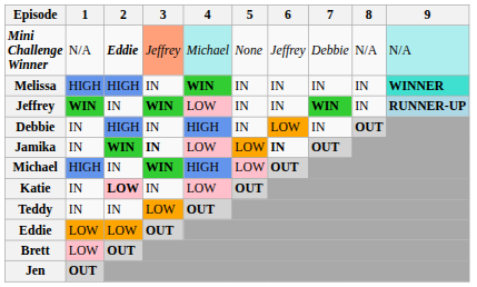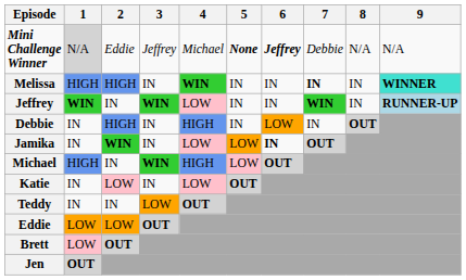 <table class="wikitable" align=>
 <tr>
 <th>Episode</th>
 <th>1</th>
 <th>2</th>
 <th>3</th>
 <th>4</th>
 <th>5</th>
 <th>6</th>
 <th>7</th>
 <th>8</th>
 <th>9</th>
 </tr>
 <tr>
 <td><strong><em>Mini</em></strong><br><strong><em>Challenge</em></strong><br><strong><em>Winner</em></strong></td>
-<td>N/A</td>
-<td><strong><em>Eddie</em></strong></td>
-<td style="background: lightsalmon;"><em>Jeffrey</em></td>
-<td style="background: paleturquoise;"><em>Michael</em></td>
-<td><em>None</em></td>
+<td style="background: lightgrey;">N/A</td>
+<td><em>Eddie</em></td>
 <td><em>Jeffrey</em></td>
+<td><em>Michael</em></td>
+<td><strong><em>None</em></strong></td>
+<td><strong><em>Jeffrey</em></strong></td>
 <td><em>Debbie</em></td>
 <td>N/A</td>
-<td style="background: paleturquoise;">N/A</td>
+<td>N/A</td>
 </tr>
 <tr>
 <th>Melissa</th>
 <td style="background:cornflowerblue;">HIGH</td>
 <td style="background:cornflowerblue;">HIGH</td>
 <td style="background:offwhite;">IN</td>
 <td style="background:limegreen;"><strong>WIN</strong></td>
 <td style="background:offwhite;">IN</td>
 <td style="background:offwhite;">IN</td>
-<td style="background:offwhite;">IN</td>
+<td style="background:offwhite;"><strong>IN</strong></td>
 <td style="background:offgreen;">IN</td>
 <td style="background:turquoise;"><strong>WINNER</strong></td>
 </tr>
 <tr>
 <th>Jeffrey</th>
 <td style="background:limegreen;"><strong>WIN</strong></td>
 <td style="background:offwhite;">IN</td>
 <td style="background:limegreen;"><strong>WIN</strong></td>
 <td style="background:pink;">LOW</td>
 <td style="background:offwhite;">IN</td>
 <td style="background:offwhite;">IN</td>
 <td style="background:limegreen;"><strong>WIN</strong></td>
 <td style="background:offwhite;">IN</td>
 <td style="background:lightblue;"><strong>RUNNER-UP</strong></td>
 </tr>
 <tr>
 <th>Debbie</th>
 <td style="background:offwhite;">IN</td>
 <td style="background:cornflowerblue;">HIGH</td>
 <td style="background:offwhite;">IN</td>
 <td style="background:cornflowerblue;">HIGH</td>
 <td style="background:offwhite;">IN</td>
 <td style="background:orange;">LOW</td>
 <td style="background:offwhite;">IN</td>
 <td style="background:lightgray;"><strong>OUT</strong></td>
 <td colspan=2 style="background:darkgray;"></td>
 </tr>
 <tr>
 <th>Jamika</th>
 <td style="background:offwhite;">IN</td>
 <td style="background:limegreen;"><strong>WIN</strong></td>
-<td style="background:offwhite;"><strong>IN</strong></td>
+<td style="background:offwhite;">IN</td>
 <td style="background:pink;">LOW</td>
 <td style="background:orange;">LOW</td>
 <td style="background:offwhite;"><strong>IN</strong></td>
 <td style="background:lightgray;"><strong>OUT</strong></td>
 <td colspan=2 style="background:darkgray;"></td>
 </tr>
 <tr>
 <th>Michael</th>
 <td style="background:cornflowerblue;">HIGH</td>
 <td style="background:offwhite;">IN</td>
 <td style="background:limegreen;"><strong>WIN</strong></td>
 <td style="background:cornflowerblue;">HIGH</td>
 <td style="background:pink;">LOW</td>
 <td style="background:lightgray;"><strong>OUT</strong></td>
 <td colspan=3 style="background:darkgray;"></td>
 </tr>
 <tr>
 <th>Katie</th>
 <td style="background:offwhite;">IN</td>
-<td style="background:pink;"><strong>LOW</strong></td>
+<td style="background:pink;">LOW</td>
 <td style="background:offwhite;">IN</td>
 <td style="background:pink;">LOW</td>
 <td style="background:lightgray;"><strong>OUT</strong></td>
 <td colspan=4 style="background:darkgray;"></td>
 </tr>
 <tr>
 <th>Teddy</th>
 <td style="background:offwhite;">IN</td>
 <td style="background:offwhite;">IN</td>
 <td style="background:orange;">LOW</td>
 <td style="background:lightgray;"><strong>OUT</strong></td>
 <td colspan=5 style="background:darkgray;"></td>
 </tr>
 <tr>
 <th>Eddie</th>
 <td style="background:orange;">LOW</td>
 <td style="background:orange;">LOW</td>
 <td style="background:lightgray;"><strong>OUT</strong></td>
 <td colspan=6 style="background:darkgray;"></td>
 </tr>
 <tr>
 <th>Brett</th>
 <td style="background:pink;">LOW</td>
 <td style="background:lightgray;"><strong>OUT</strong></td>
 <td colspan=7 style="background:darkgray;"></td>
 </tr>
 <tr>
 <th>Jen</th>
 <td style="background:lightgray;"><strong>OUT</strong></td>
 <td colspan=8 style="background:darkgray;"></td>
 </tr>
 </table>
